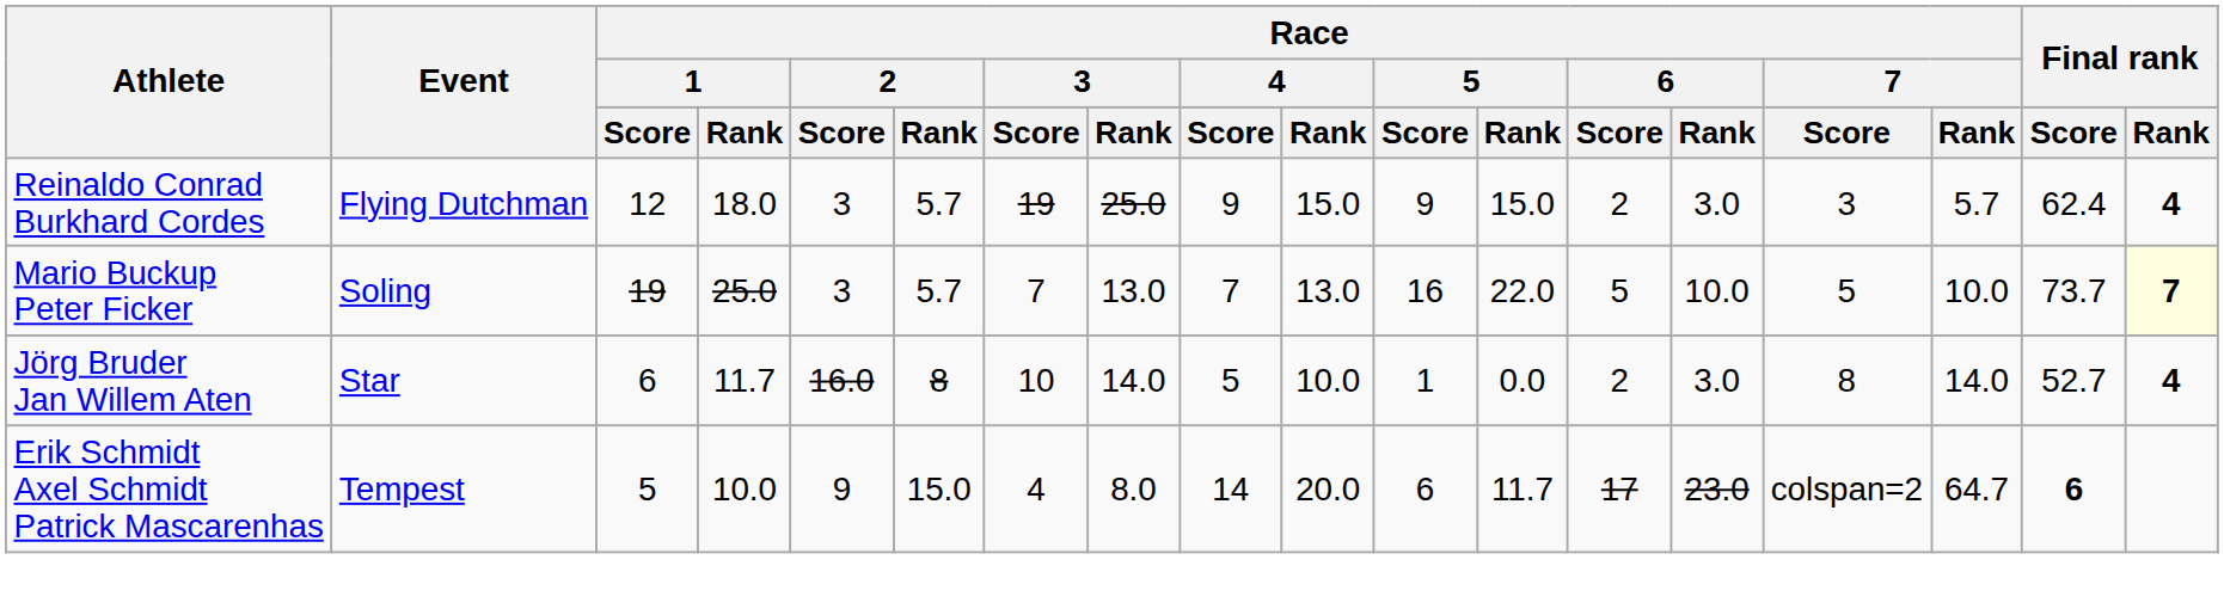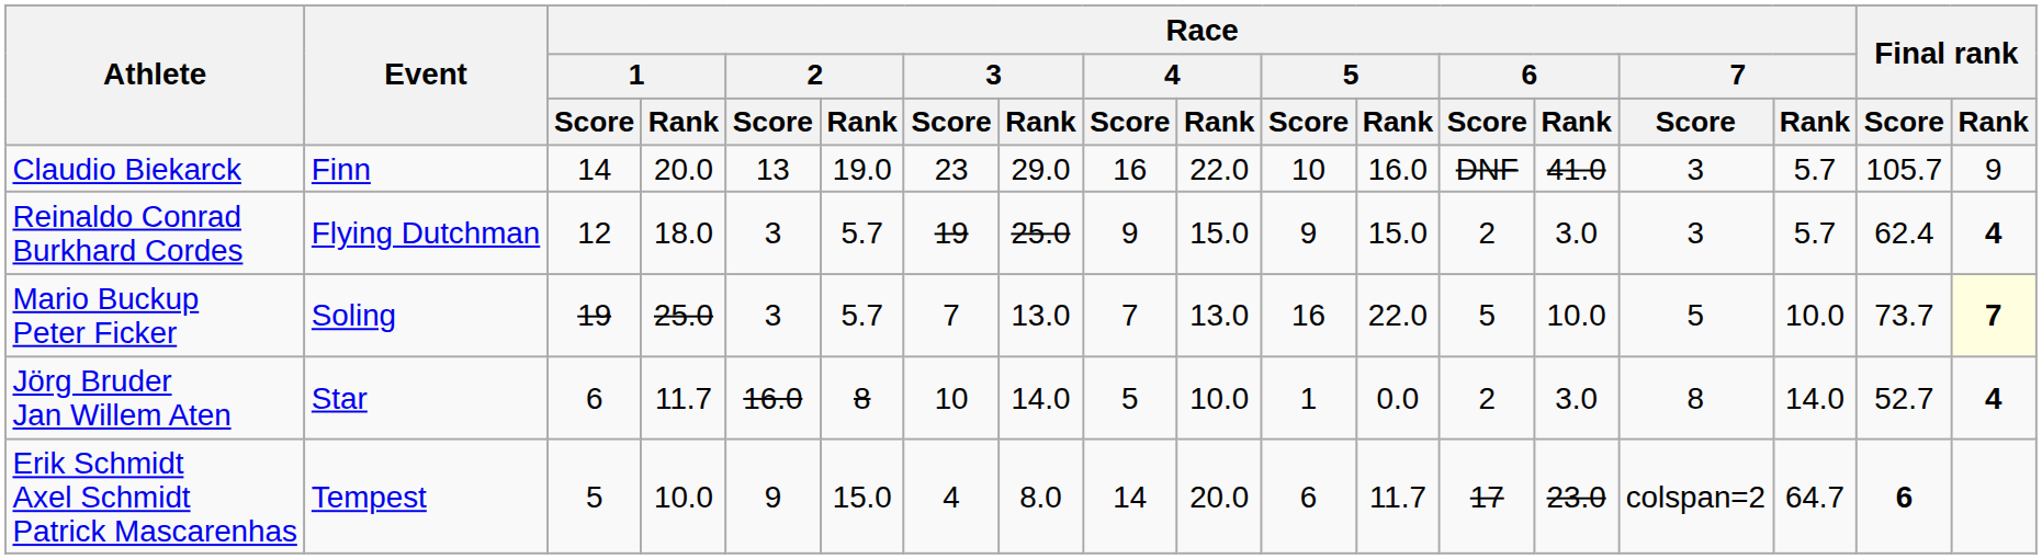 <table class="wikitable" style="font-size:90%">
 <tr>
 <th rowspan="3">Athlete</th>
 <th rowspan="3">Event</th>
 <th colspan="14">Race</th>
 <th rowspan=2 colspan="2">Final rank</th>
 </tr>
 <tr style="font-size:95%">
 <th colspan="2">1</th>
 <th colspan="2">2</th>
 <th colspan="2">3</th>
 <th colspan="2">4</th>
 <th colspan="2">5</th>
 <th colspan="2">6</th>
 <th colspan="2">7</th>
 </tr>
 <tr style="font-size:95%">
 <th>Score</th>
 <th>Rank</th>
 <th>Score</th>
 <th>Rank</th>
 <th>Score</th>
 <th>Rank</th>
 <th>Score</th>
 <th>Rank</th>
 <th>Score</th>
 <th>Rank</th>
 <th>Score</th>
 <th>Rank</th>
 <th>Score</th>
 <th>Rank</th>
 <th>Score</th>
 <th>Rank</th>
+</tr>
+<tr align=center>
+<td align=left><a href='#'>Claudio Biekarck</a></td>
+<td align=left><a href='#'>Finn</a></td>
+<td>14</td>
+<td>20.0</td>
+<td>13</td>
+<td>19.0</td>
+<td>23</td>
+<td>29.0</td>
+<td>16</td>
+<td>22.0</td>
+<td>10</td>
+<td>16.0</td>
+<td><s>DNF</s></td>
+<td><s>41.0</s></td>
+<td>3</td>
+<td>5.7</td>
+<td>105.7</td>
+<td>9</td>
 </tr>
 <tr align=center>
 <td align=left><a href='#'>Reinaldo Conrad</a><br><a href='#'>Burkhard Cordes</a></td>
 <td align=left><a href='#'>Flying Dutchman</a></td>
 <td>12</td>
 <td>18.0</td>
 <td>3</td>
 <td>5.7</td>
 <td><s>19</s></td>
 <td><s>25.0</s></td>
 <td>9</td>
 <td>15.0</td>
 <td>9</td>
 <td>15.0</td>
 <td>2</td>
 <td>3.0</td>
 <td>3</td>
 <td>5.7</td>
 <td>62.4</td>
 <td><strong>4</strong></td>
 </tr>
 <tr align=center>
 <td align=left><a href='#'>Mario Buckup</a><br><a href='#'>Peter Ficker</a></td>
 <td align=left><a href='#'>Soling</a></td>
 <td><s>19</s></td>
 <td><s>25.0</s></td>
 <td>3</td>
 <td>5.7</td>
 <td>7</td>
 <td>13.0</td>
 <td>7</td>
 <td>13.0</td>
 <td>16</td>
 <td>22.0</td>
 <td>5</td>
 <td>10.0</td>
 <td>5</td>
 <td>10.0</td>
 <td>73.7</td>
 <td style="background: lightyellow;"><strong>7</strong></td>
 </tr>
 <tr align=center>
 <td align=left><a href='#'>Jörg Bruder</a><br><a href='#'>Jan Willem Aten</a></td>
 <td align=left><a href='#'>Star</a></td>
 <td>6</td>
 <td>11.7</td>
 <td><s>16.0</s></td>
 <td><s>8</s></td>
 <td>10</td>
 <td>14.0</td>
 <td>5</td>
 <td>10.0</td>
 <td>1</td>
 <td>0.0</td>
 <td>2</td>
 <td>3.0</td>
 <td>8</td>
 <td>14.0</td>
 <td>52.7</td>
 <td><strong>4</strong></td>
 </tr>
 <tr align=center>
 <td align=left><a href='#'>Erik Schmidt</a><br><a href='#'>Axel Schmidt</a><br><a href='#'>Patrick Mascarenhas</a></td>
 <td align=left><a href='#'>Tempest</a></td>
 <td>5</td>
 <td>10.0</td>
 <td>9</td>
 <td>15.0</td>
 <td>4</td>
 <td>8.0</td>
 <td>14</td>
 <td>20.0</td>
 <td>6</td>
 <td>11.7</td>
 <td><s>17</s></td>
 <td><s>23.0</s></td>
 <td>colspan=2 </td>
 <td>64.7</td>
 <td><strong>6</strong></td>
 </tr>
 </table>
